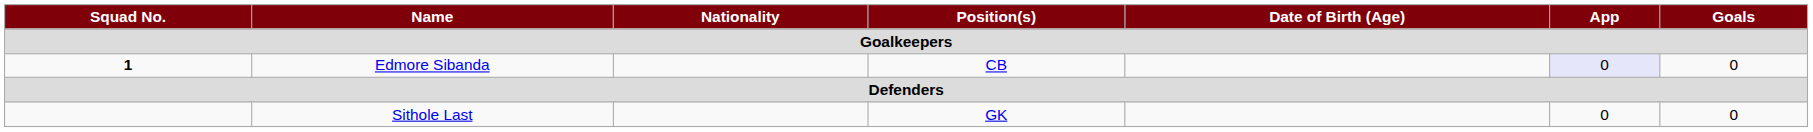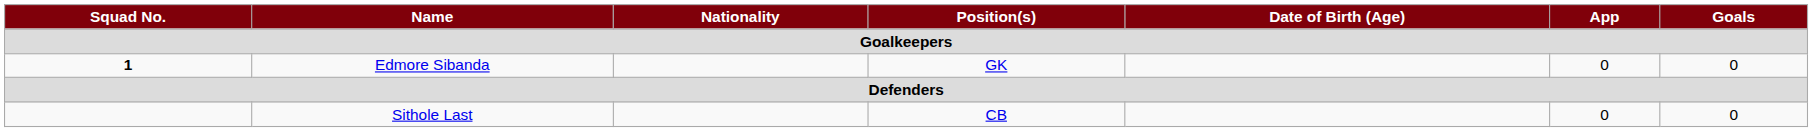 <table class="wikitable" style="text-align:center; font-size:90%; width:85%;">
 <tr>
 <th style="background:#80000a; color:#fff; text-align:center;">Squad No.</th>
 <th style="background:#80000a; color:#fff; text-align:center;">Name</th>
 <th style="background:#80000a; color:#fff; text-align:center;">Nationality</th>
 <th style="background:#80000a; color:#fff; text-align:center;">Position(s)</th>
 <th style="background:#80000a; color:#fff; text-align:center;">Date of Birth (Age)</th>
 <th style="background:#80000a; color:#fff; text-align:center;">App</th>
 <th style="background:#80000a; color:#fff; text-align:center;">Goals</th>
 </tr>
 <tr>
 <th colspan="8" style="background:#dcdcdc; text-align:center;">Goalkeepers</th>
 </tr>
 <tr>
 <td><strong>1</strong></td>
 <td><a href='#'>Edmore Sibanda</a></td>
 <td></td>
-<td><a href='#'>CB</a></td>
+<td><a href='#'>GK</a></td>
 <td></td>
-<td style="background: lavender;">0</td>
+<td>0</td>
 <td>0</td>
 </tr>
 <tr>
 <th colspan="8" style="background:#dcdcdc; text-align:center;">Defenders</th>
 </tr>
 <tr>
 <td></td>
 <td><a href='#'>Sithole Last</a></td>
 <td></td>
-<td><a href='#'>GK</a></td>
+<td><a href='#'>CB</a></td>
 <td></td>
 <td>0</td>
 <td>0</td>
 </tr>
 </table>
